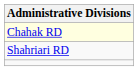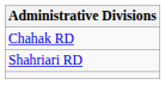 <table class="wikitable">
 <tr>
 <th>Administrative Divisions</th>
 </tr>
 <tr>
-<td style="background: lightyellow;"><a href='#'>Chahak RD</a></td>
+<td><a href='#'>Chahak RD</a></td>
 </tr>
 <tr>
 <td><a href='#'>Shahriari RD</a></td>
 </tr>
 <tr>
 <td colspan=1></td>
 </tr>
 </table>
